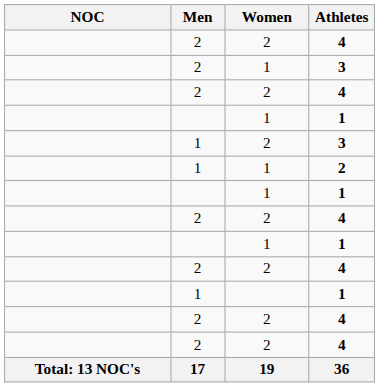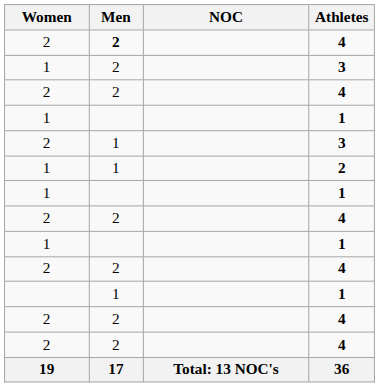 <table class="wikitable" width=350 style="text-align:center; font-size:90%">
 <tr>
+<th>Women</th>
+<th>Men</th>
 <th>NOC</th>
-<th>Men</th>
-<th>Women</th>
 <th width=55>Athletes</th>
 </tr>
 <tr>
+<td>2</td>
+<td><strong>2</strong></td>
 <td align=left></td>
-<td>2</td>
-<td>2</td>
 <td><strong>4</strong></td>
 </tr>
 <tr>
+<td>1</td>
+<td>2</td>
 <td align=left></td>
-<td>2</td>
-<td>1</td>
 <td><strong>3</strong></td>
 </tr>
 <tr>
-<td align=left></td>
 <td>2</td>
 <td>2</td>
+<td align=left></td>
 <td><strong>4</strong></td>
 </tr>
 <tr>
+<td>1</td>
+<td></td>
 <td align=left></td>
-<td></td>
-<td>1</td>
 <td><strong>1</strong></td>
 </tr>
 <tr>
+<td>2</td>
+<td>1</td>
 <td align=left></td>
-<td>1</td>
-<td>2</td>
 <td><strong>3</strong></td>
 </tr>
 <tr>
-<td align=left></td>
 <td>1</td>
 <td>1</td>
+<td align=left></td>
 <td><strong>2</strong></td>
 </tr>
 <tr>
+<td>1</td>
+<td></td>
 <td align=left></td>
-<td></td>
-<td>1</td>
 <td><strong>1</strong></td>
 </tr>
 <tr>
-<td align=left></td>
 <td>2</td>
 <td>2</td>
+<td align=left></td>
 <td><strong>4</strong></td>
 </tr>
 <tr>
+<td>1</td>
+<td></td>
 <td align=left></td>
-<td></td>
-<td>1</td>
 <td><strong>1</strong></td>
 </tr>
 <tr>
-<td align=left></td>
 <td>2</td>
 <td>2</td>
+<td align=left></td>
 <td><strong>4</strong></td>
 </tr>
 <tr>
+<td></td>
+<td>1</td>
 <td align=left></td>
-<td>1</td>
-<td></td>
 <td><strong>1</strong></td>
 </tr>
 <tr>
-<td align=left></td>
 <td>2</td>
 <td>2</td>
+<td align=left></td>
 <td><strong>4</strong></td>
 </tr>
 <tr>
-<td align=left></td>
 <td>2</td>
 <td>2</td>
+<td align=left></td>
 <td><strong>4</strong></td>
 </tr>
 <tr>
+<th>19</th>
+<th>17</th>
 <th>Total: 13 NOC's</th>
-<th>17</th>
-<th>19</th>
 <th>36</th>
 </tr>
 </table>
